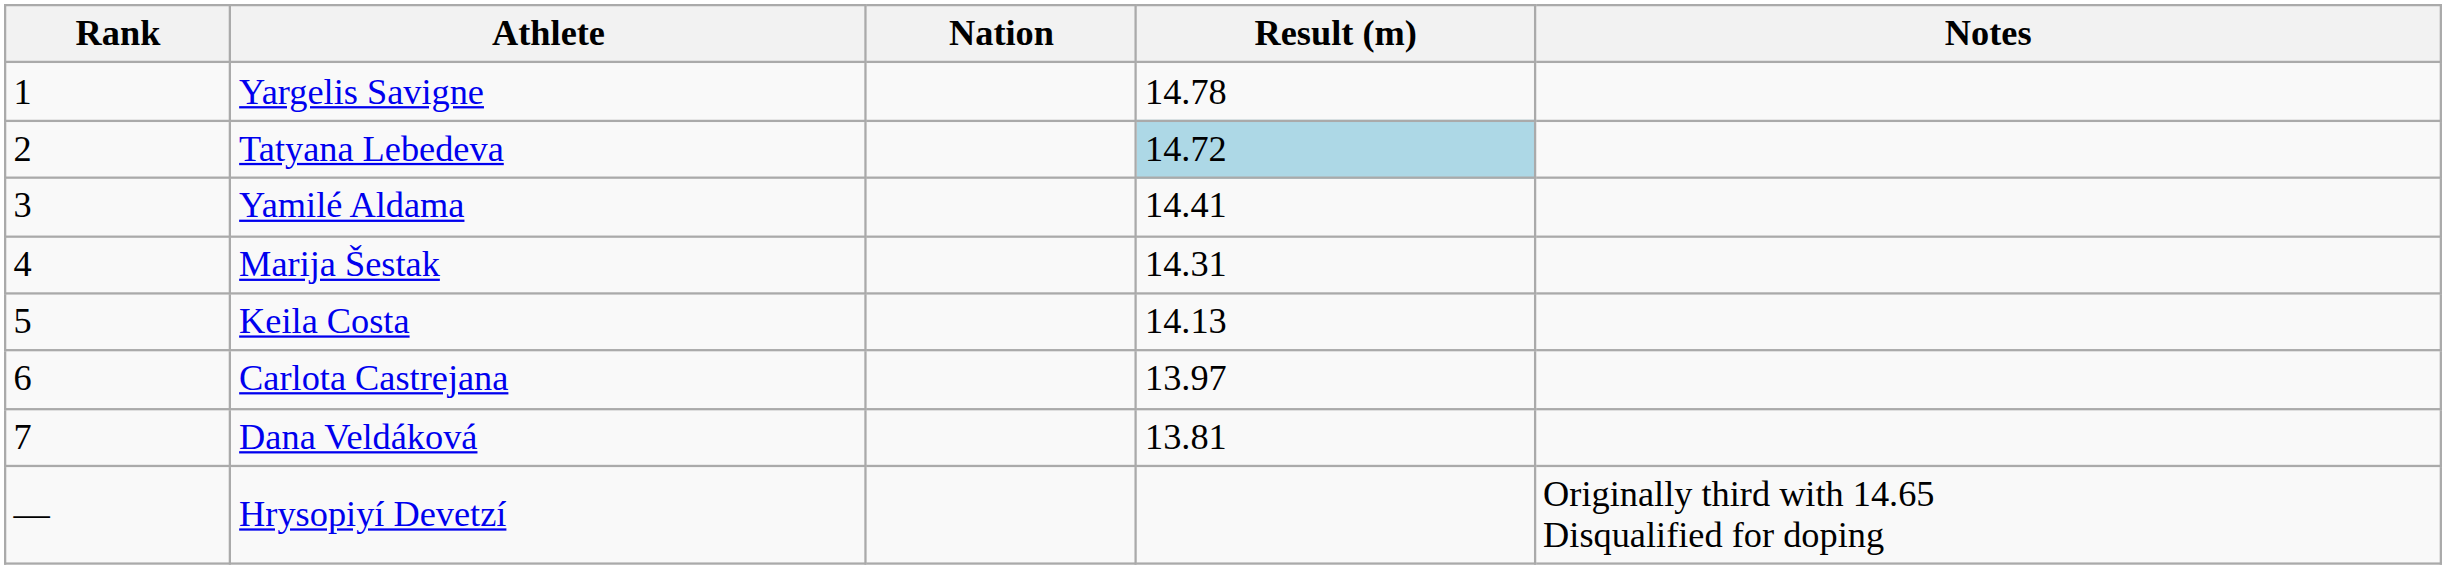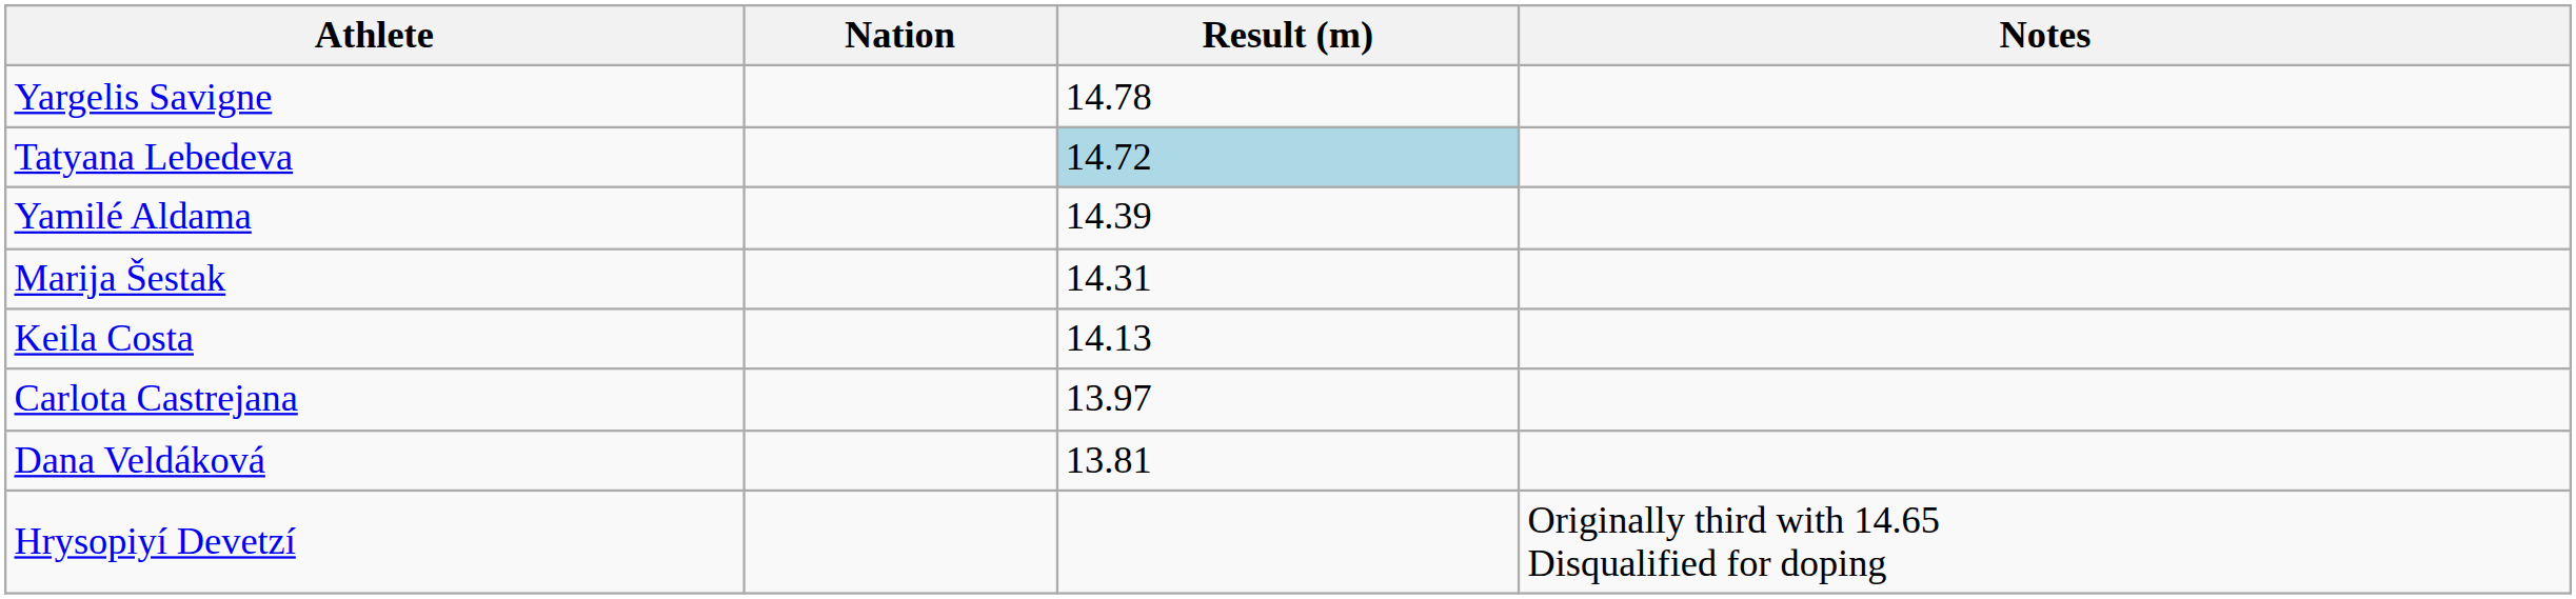 <table class="wikitable" style="text=align:center;" width=85%>
 <tr>
-<th>Rank</th>
 <th>Athlete</th>
 <th>Nation</th>
 <th>Result (m)</th>
 <th>Notes</th>
 </tr>
 <tr>
-<td>1</td>
 <td><a href='#'>Yargelis Savigne</a></td>
 <td></td>
 <td>14.78</td>
 <td></td>
 </tr>
 <tr>
-<td>2</td>
 <td><a href='#'>Tatyana Lebedeva</a></td>
 <td></td>
 <td style="background: lightblue;">14.72</td>
 <td></td>
 </tr>
 <tr>
-<td>3</td>
 <td><a href='#'>Yamilé Aldama</a></td>
 <td></td>
-<td>14.41</td>
+<td>14.39</td>
 <td></td>
 </tr>
 <tr>
-<td>4</td>
 <td><a href='#'>Marija Šestak</a></td>
 <td></td>
 <td>14.31</td>
 <td></td>
 </tr>
 <tr>
-<td>5</td>
 <td><a href='#'>Keila Costa</a></td>
 <td></td>
 <td>14.13</td>
 <td></td>
 </tr>
 <tr>
-<td>6</td>
 <td><a href='#'>Carlota Castrejana</a></td>
 <td></td>
 <td>13.97</td>
 <td></td>
 </tr>
 <tr>
-<td>7</td>
 <td><a href='#'>Dana Veldáková</a></td>
 <td></td>
 <td>13.81</td>
 <td></td>
 </tr>
 <tr>
-<td>—</td>
 <td><a href='#'>Hrysopiyí Devetzí</a></td>
 <td></td>
 <td></td>
 <td>Originally third with 14.65<br>Disqualified for doping</td>
 </tr>
 </table>
